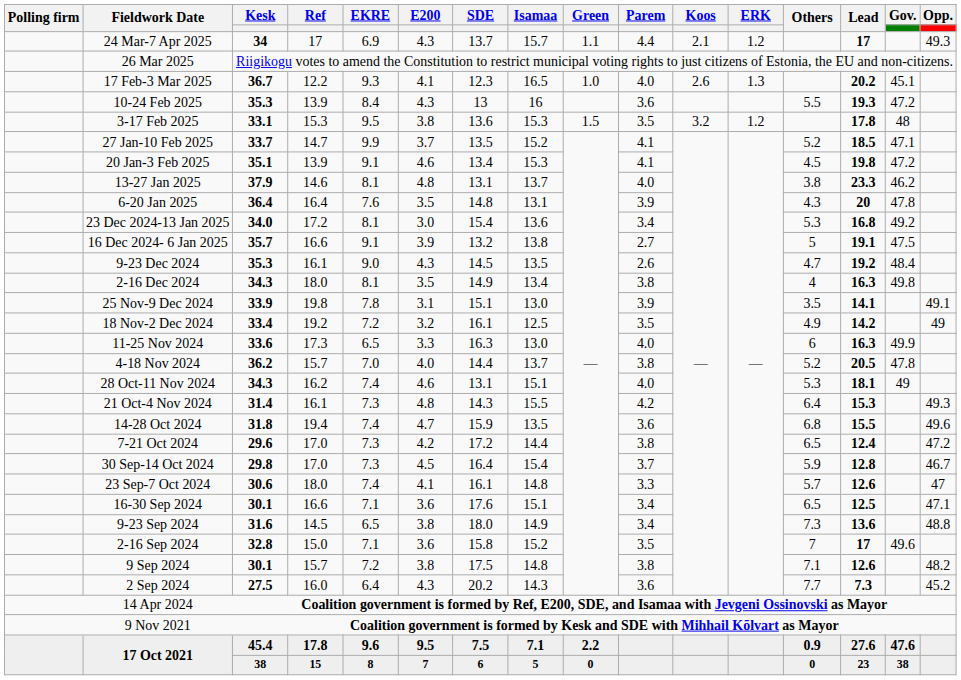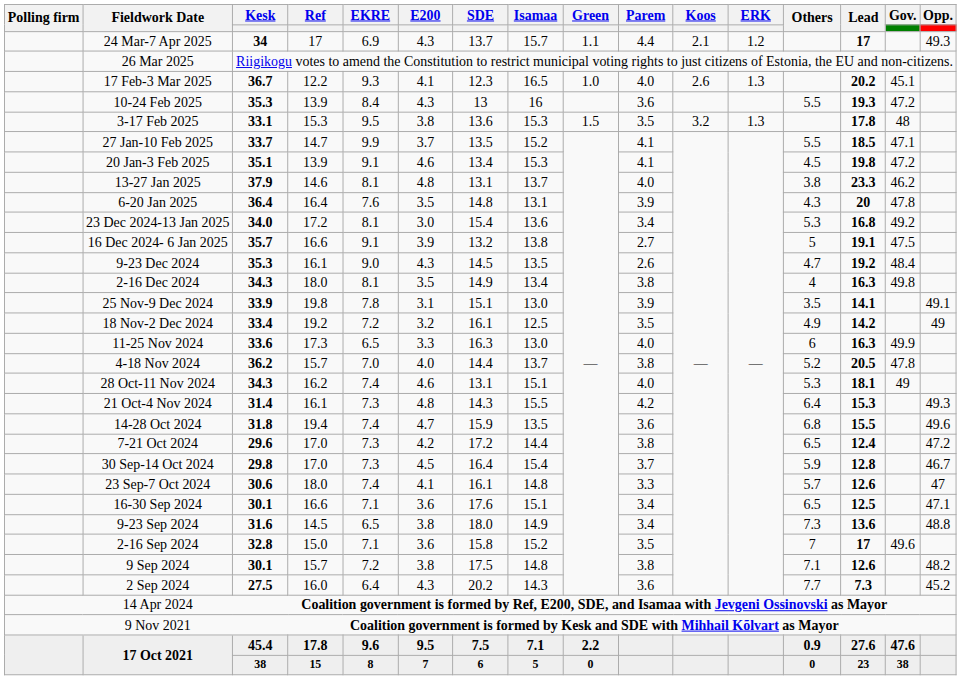 <table class="wikitable sortable mw-datatable" style="text-align:center;font-size:90%;line-height:14px;">
 <tr>
 <th rowspan="2">Polling firm</th>
 <th rowspan="2">Fieldwork Date</th>
 <th class="unsortable" style="width:50px;"><a href='#'>Kesk</a></th>
 <th class="unsortable" style="width:50px;"><a href='#'>Ref</a></th>
 <th class="unsortable" style="width:50px;"><a href='#'>EKRE</a></th>
 <th class="unsortable" style="width:50px;"><a href='#'>E200</a></th>
 <th class="unsortable" style="width:50px;"><a href='#'>SDE</a></th>
 <th class="unsortable" style="width:50px;"><a href='#'>Isamaa</a></th>
 <th class="unsortable" style="width:50px;"><a href='#'>Green</a></th>
 <th class="unsortable" style="width:50px;"><a href='#'>Parem</a></th>
 <th class="unsortable" style="width:50px;"><a href='#'>Koos</a></th>
 <th class="unsortable" style="width:50px;"><a href='#'>ERK</a></th>
 <th rowspan="2" class="unsortable">Others</th>
 <th rowspan="2" data-sort-type="number">Lead</th>
 <th class="unsortable" style="width:20px;">Gov.</th>
 <th class="unsortable" style="width:20px;">Opp.</th>
 </tr>
 <tr style="text-align:center;">
 <th data-sort-type="number" style="background:"></th>
 <th data-sort-type="number" style="background:"></th>
 <th data-sort-type="number" style="background:"></th>
 <th data-sort-type="number" style="background:"></th>
 <th data-sort-type="number" style="background:"></th>
 <th data-sort-type="number" style="background:"></th>
 <th data-sort-type="number" style="background:"></th>
 <th data-sort-type="number" style="background:"></th>
 <th data-sort-type="number" style="background:"></th>
 <th data-sort-type="number" style="background:"></th>
 <th data-sort-type="number" style="background:Green;"></th>
 <th data-sort-type="number" style="background:Red;"></th>
 </tr>
 <tr>
 <td></td>
 <td>24 Mar-7 Apr 2025</td>
 <td><strong>34</strong></td>
 <td>17</td>
 <td>6.9</td>
 <td>4.3</td>
 <td>13.7</td>
 <td>15.7</td>
 <td>1.1</td>
 <td>4.4</td>
 <td>2.1</td>
 <td>1.2</td>
 <td></td>
 <td style="background:"><strong>17</strong></td>
 <td></td>
 <td>49.3</td>
 </tr>
 <tr>
 <td></td>
 <td>26 Mar 2025</td>
 <td colspan="14"><a href='#'>Riigikogu</a> votes to amend the Constitution to restrict municipal voting rights to just citizens of Estonia, the EU and non-citizens.</td>
 </tr>
 <tr>
 <td></td>
 <td>17 Feb-3 Mar 2025</td>
 <td><strong>36.7</strong></td>
 <td>12.2</td>
 <td>9.3</td>
 <td>4.1</td>
 <td>12.3</td>
 <td>16.5</td>
 <td>1.0</td>
 <td>4.0</td>
 <td>2.6</td>
 <td>1.3</td>
 <td></td>
 <td style="background:"><strong>20.2</strong></td>
 <td>45.1</td>
 <td></td>
 </tr>
 <tr>
 <td></td>
 <td>10-24 Feb 2025</td>
 <td><strong>35.3</strong></td>
 <td>13.9</td>
 <td>8.4</td>
 <td>4.3</td>
 <td>13</td>
 <td>16</td>
 <td></td>
 <td>3.6</td>
 <td></td>
 <td></td>
 <td>5.5</td>
 <td style="background:"><strong>19.3</strong></td>
 <td>47.2</td>
 <td></td>
 </tr>
 <tr>
 <td></td>
 <td>3-17 Feb 2025</td>
 <td><strong>33.1</strong></td>
 <td>15.3</td>
 <td>9.5</td>
 <td>3.8</td>
 <td>13.6</td>
 <td>15.3</td>
 <td>1.5</td>
 <td>3.5</td>
 <td>3.2</td>
-<td>1.2</td>
+<td>1.3</td>
 <td></td>
 <td style="background:"><strong>17.8</strong></td>
 <td>48</td>
 <td></td>
 </tr>
 <tr>
 <td></td>
 <td>27 Jan-10 Feb 2025</td>
 <td><strong>33.7</strong></td>
 <td>14.7</td>
 <td>9.9</td>
 <td>3.7</td>
 <td>13.5</td>
 <td>15.2</td>
 <td rowspan="23">—</td>
 <td>4.1</td>
 <td rowspan="23">—</td>
 <td rowspan="23">—</td>
-<td>5.2</td>
+<td>5.5</td>
 <td style="background:"><strong>18.5</strong></td>
 <td>47.1</td>
 <td></td>
 </tr>
 <tr>
 <td></td>
 <td>20 Jan-3 Feb 2025</td>
 <td><strong>35.1</strong></td>
 <td>13.9</td>
 <td>9.1</td>
 <td>4.6</td>
 <td>13.4</td>
 <td>15.3</td>
 <td>4.1</td>
 <td>4.5</td>
 <td style="background:"><strong>19.8</strong></td>
 <td>47.2</td>
 <td></td>
 </tr>
 <tr>
 <td></td>
 <td>13-27 Jan 2025</td>
 <td><strong>37.9</strong></td>
 <td>14.6</td>
 <td>8.1</td>
 <td>4.8</td>
 <td>13.1</td>
 <td>13.7</td>
 <td>4.0</td>
 <td>3.8</td>
 <td style="background:"><strong>23.3</strong></td>
 <td>46.2</td>
 <td></td>
 </tr>
 <tr>
 <td></td>
 <td>6-20 Jan 2025</td>
 <td><strong>36.4</strong></td>
 <td>16.4</td>
 <td>7.6</td>
 <td>3.5</td>
 <td>14.8</td>
 <td>13.1</td>
 <td>3.9</td>
 <td>4.3</td>
 <td style="background:"><strong>20</strong></td>
 <td>47.8</td>
 <td></td>
 </tr>
 <tr>
 <td></td>
 <td>23 Dec 2024-13 Jan 2025</td>
 <td><strong>34.0</strong></td>
 <td>17.2</td>
 <td>8.1</td>
 <td>3.0</td>
 <td>15.4</td>
 <td>13.6</td>
 <td>3.4</td>
 <td>5.3</td>
 <td style="background:"><strong>16.8</strong></td>
 <td>49.2</td>
 <td></td>
 </tr>
 <tr>
 <td></td>
 <td>16 Dec 2024- 6 Jan 2025</td>
 <td><strong>35.7</strong></td>
 <td>16.6</td>
 <td>9.1</td>
 <td>3.9</td>
 <td>13.2</td>
 <td>13.8</td>
 <td>2.7</td>
 <td>5</td>
 <td style="background:"><strong>19.1</strong></td>
 <td>47.5</td>
 <td></td>
 </tr>
 <tr>
 <td></td>
 <td>9-23 Dec 2024</td>
 <td><strong>35.3</strong></td>
 <td>16.1</td>
 <td>9.0</td>
 <td>4.3</td>
 <td>14.5</td>
 <td>13.5</td>
 <td>2.6</td>
 <td>4.7</td>
 <td style="background:"><strong>19.2</strong></td>
 <td>48.4</td>
 <td></td>
 </tr>
 <tr>
 <td></td>
 <td>2-16 Dec 2024</td>
 <td><strong>34.3</strong></td>
 <td>18.0</td>
 <td>8.1</td>
 <td>3.5</td>
 <td>14.9</td>
 <td>13.4</td>
 <td>3.8</td>
 <td>4</td>
 <td style="background:"><strong>16.3</strong></td>
 <td>49.8</td>
 <td></td>
 </tr>
 <tr>
 <td></td>
 <td>25 Nov-9 Dec 2024</td>
 <td><strong>33.9</strong></td>
 <td>19.8</td>
 <td>7.8</td>
 <td>3.1</td>
 <td>15.1</td>
 <td>13.0</td>
 <td>3.9</td>
 <td>3.5</td>
 <td style="background:"><strong>14.1</strong></td>
 <td></td>
 <td>49.1</td>
 </tr>
 <tr>
 <td></td>
 <td>18 Nov-2 Dec 2024</td>
 <td><strong>33.4</strong></td>
 <td>19.2</td>
 <td>7.2</td>
 <td>3.2</td>
 <td>16.1</td>
 <td>12.5</td>
 <td>3.5</td>
 <td>4.9</td>
 <td style="background:"><strong>14.2</strong></td>
 <td></td>
 <td>49</td>
 </tr>
 <tr>
 <td></td>
 <td>11-25 Nov 2024</td>
 <td><strong>33.6</strong></td>
 <td>17.3</td>
 <td>6.5</td>
 <td>3.3</td>
 <td>16.3</td>
 <td>13.0</td>
 <td>4.0</td>
 <td>6</td>
 <td style="background:"><strong>16.3</strong></td>
 <td>49.9</td>
 <td></td>
 </tr>
 <tr>
 <td></td>
 <td>4-18 Nov 2024</td>
 <td><strong>36.2</strong></td>
 <td>15.7</td>
 <td>7.0</td>
 <td>4.0</td>
 <td>14.4</td>
 <td>13.7</td>
 <td>3.8</td>
 <td>5.2</td>
 <td style="background:"><strong>20.5</strong></td>
 <td>47.8</td>
 <td></td>
 </tr>
 <tr>
 <td></td>
 <td>28 Oct-11 Nov 2024</td>
 <td><strong>34.3</strong></td>
 <td>16.2</td>
 <td>7.4</td>
 <td>4.6</td>
 <td>13.1</td>
 <td>15.1</td>
 <td>4.0</td>
 <td>5.3</td>
 <td style="background:"><strong>18.1</strong></td>
 <td>49</td>
 <td></td>
 </tr>
 <tr>
 <td></td>
 <td>21 Oct-4 Nov 2024</td>
 <td><strong>31.4</strong></td>
 <td>16.1</td>
 <td>7.3</td>
 <td>4.8</td>
 <td>14.3</td>
 <td>15.5</td>
 <td>4.2</td>
 <td>6.4</td>
 <td style="background:"><strong>15.3</strong></td>
 <td></td>
 <td>49.3</td>
 </tr>
 <tr>
 <td></td>
 <td>14-28 Oct 2024</td>
 <td><strong>31.8</strong></td>
 <td>19.4</td>
 <td>7.4</td>
 <td>4.7</td>
 <td>15.9</td>
 <td>13.5</td>
 <td>3.6</td>
 <td>6.8</td>
 <td style="background:"><strong>15.5</strong></td>
 <td></td>
 <td>49.6</td>
 </tr>
 <tr>
 <td></td>
 <td>7-21 Oct 2024</td>
 <td><strong>29.6</strong></td>
 <td>17.0</td>
 <td>7.3</td>
 <td>4.2</td>
 <td>17.2</td>
 <td>14.4</td>
 <td>3.8</td>
 <td>6.5</td>
 <td style="background:"><strong>12.4</strong></td>
 <td></td>
 <td>47.2</td>
 </tr>
 <tr>
 <td></td>
 <td>30 Sep-14 Oct 2024</td>
 <td><strong>29.8</strong></td>
 <td>17.0</td>
 <td>7.3</td>
 <td>4.5</td>
 <td>16.4</td>
 <td>15.4</td>
 <td>3.7</td>
 <td>5.9</td>
 <td style="background:"><strong>12.8</strong></td>
 <td></td>
 <td>46.7</td>
 </tr>
 <tr>
 <td></td>
 <td>23 Sep-7 Oct 2024</td>
 <td><strong>30.6</strong></td>
 <td>18.0</td>
 <td>7.4</td>
 <td>4.1</td>
 <td>16.1</td>
 <td>14.8</td>
 <td>3.3</td>
 <td>5.7</td>
 <td style="background:"><strong>12.6</strong></td>
 <td></td>
 <td>47</td>
 </tr>
 <tr>
 <td></td>
 <td>16-30 Sep 2024</td>
 <td><strong>30.1</strong></td>
 <td>16.6</td>
 <td>7.1</td>
 <td>3.6</td>
 <td>17.6</td>
 <td>15.1</td>
 <td>3.4</td>
 <td>6.5</td>
 <td style="background:"><strong>12.5</strong></td>
 <td></td>
 <td>47.1</td>
 </tr>
 <tr>
 <td></td>
 <td>9-23 Sep 2024</td>
 <td><strong>31.6</strong></td>
 <td>14.5</td>
 <td>6.5</td>
 <td>3.8</td>
 <td>18.0</td>
 <td>14.9</td>
 <td>3.4</td>
 <td>7.3</td>
 <td style="background:"><strong>13.6</strong></td>
 <td></td>
 <td>48.8</td>
 </tr>
 <tr>
 <td></td>
 <td>2-16 Sep 2024</td>
 <td><strong>32.8</strong></td>
 <td>15.0</td>
 <td>7.1</td>
 <td>3.6</td>
 <td>15.8</td>
 <td>15.2</td>
 <td>3.5</td>
 <td>7</td>
 <td style="background:"><strong>17</strong></td>
 <td>49.6</td>
 <td></td>
 </tr>
 <tr>
 <td></td>
 <td>9 Sep 2024</td>
 <td><strong>30.1</strong></td>
 <td>15.7</td>
 <td>7.2</td>
 <td>3.8</td>
 <td>17.5</td>
 <td>14.8</td>
 <td>3.8</td>
 <td>7.1</td>
 <td style="background:"><strong>12.6</strong></td>
 <td></td>
 <td>48.2</td>
 </tr>
 <tr>
 <td></td>
 <td>2 Sep 2024</td>
 <td><strong>27.5</strong></td>
 <td>16.0</td>
 <td>6.4</td>
 <td>4.3</td>
 <td>20.2</td>
 <td>14.3</td>
 <td>3.6</td>
 <td>7.7</td>
 <td style="background:"><strong>7.3</strong></td>
 <td></td>
 <td>45.2</td>
 </tr>
 <tr>
 <td style="border-right-style:hidden;"></td>
 <td style="border-right-style:hidden;">14 Apr 2024</td>
 <td colspan="14"><strong>Coalition government is formed by Ref, E200, SDE, and Isamaa with <a href='#'>Jevgeni Ossinovski</a> as Mayor</strong></td>
 </tr>
 <tr>
 <td style="border-right-style:hidden;"></td>
 <td style="border-right-style:hidden;">9 Nov 2021</td>
 <td colspan="14"><strong>Coalition government is formed by Kesk and SDE with <a href='#'>Mihhail Kõlvart</a> as Mayor</strong></td>
 </tr>
 <tr style="background:#EFEFEF; font-weight:bold;">
 <td rowspan="2"></td>
 <td rowspan="2">17 Oct 2021</td>
 <td>45.4</td>
 <td>17.8</td>
 <td>9.6</td>
 <td>9.5</td>
 <td>7.5</td>
 <td>7.1</td>
 <td>2.2</td>
 <td></td>
 <td></td>
 <td></td>
 <td>0.9</td>
 <td style="background:">27.6</td>
 <td>47.6</td>
 <td></td>
 </tr>
 <tr style="background:#EFEFEF; font-weight:bold;font-size:85%;">
 <td>38</td>
 <td>15</td>
 <td>8</td>
 <td>7</td>
 <td>6</td>
 <td>5</td>
 <td>0</td>
 <td></td>
 <td></td>
 <td></td>
 <td>0</td>
 <td style="background:">23</td>
 <td>38</td>
 <td></td>
 </tr>
 </table>
